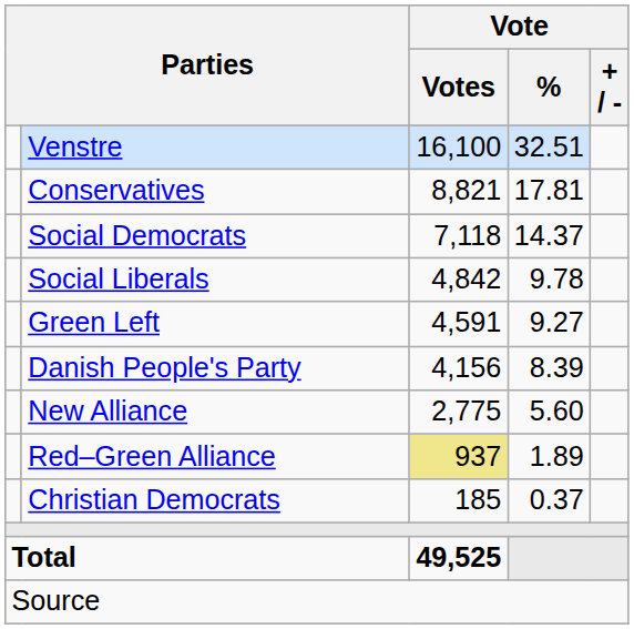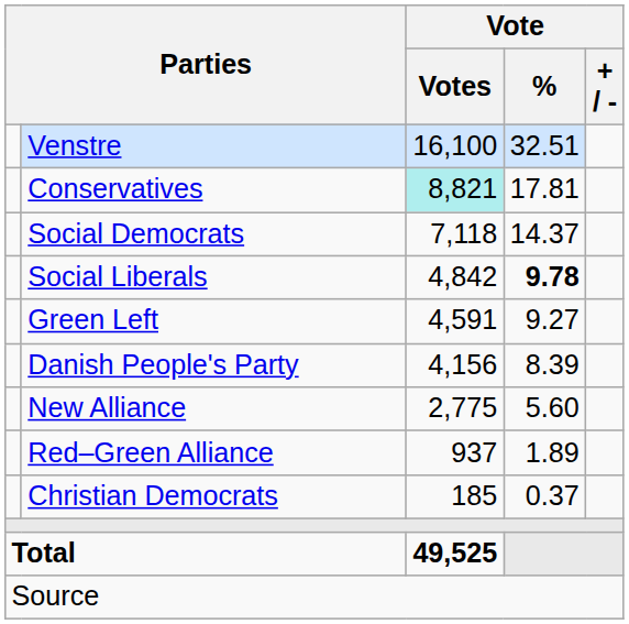 <table class="wikitable" style="text-align:right;">
 <tr>
 <th style="text-align:centre;" rowspan="2" colspan="2" width="225">Parties</th>
 <th colspan="3">Vote</th>
 </tr>
 <tr>
 <th width="15">Votes</th>
 <th width="15">%</th>
 <th width="15">+ / -</th>
 </tr>
 <tr>
 <td width="2" style="color:inherit;background:"></td>
 <td bgcolor=#cfe5fe  align="left"><a href='#'>Venstre</a></td>
 <td bgcolor=#cfe5fe>16,100</td>
 <td bgcolor=#cfe5fe>32.51</td>
 <td></td>
 </tr>
 <tr>
 <td width="2" style="color:inherit;background:"></td>
 <td align="left"><a href='#'>Conservatives</a></td>
-<td>8,821</td>
+<td style="background: paleturquoise;">8,821</td>
 <td>17.81</td>
 <td></td>
 </tr>
 <tr>
 <td width="2" style="color:inherit;background:"></td>
 <td align="left"><a href='#'>Social Democrats</a></td>
 <td>7,118</td>
 <td>14.37</td>
 <td></td>
 </tr>
 <tr>
 <td width="2" style="color:inherit;background:"></td>
 <td align="left"><a href='#'>Social Liberals</a></td>
 <td>4,842</td>
-<td>9.78</td>
+<td><strong>9.78</strong></td>
 <td></td>
 </tr>
 <tr>
 <td width="2" style="color:inherit;background:"></td>
 <td align="left"><a href='#'>Green Left</a></td>
 <td>4,591</td>
 <td>9.27</td>
 <td></td>
 </tr>
 <tr>
 <td width="2" style="color:inherit;background:"></td>
 <td align="left"><a href='#'>Danish People's Party</a></td>
 <td>4,156</td>
 <td>8.39</td>
 <td></td>
 </tr>
 <tr>
 <td width="2" style="color:inherit;background:"></td>
 <td align="left"><a href='#'>New Alliance</a></td>
 <td>2,775</td>
 <td>5.60</td>
 <td></td>
 </tr>
 <tr>
 <td width="2" style="color:inherit;background:"></td>
 <td align="left"><a href='#'>Red–Green Alliance</a></td>
-<td style="background: khaki;">937</td>
+<td>937</td>
 <td>1.89</td>
 <td></td>
 </tr>
 <tr>
 <td width="2" style="color:inherit;background:"></td>
 <td align="left"><a href='#'>Christian Democrats</a></td>
 <td>185</td>
 <td>0.37</td>
 <td></td>
 </tr>
 <tr>
 <td colspan="7" bgcolor="#E9E9E9"></td>
 </tr>
 <tr>
 <td align="left" colspan="2"><strong>Total</strong></td>
 <td><strong>49,525</strong></td>
 <td bgcolor="#E9E9E9" colspan="2"></td>
 </tr>
 <tr>
 <td align="left" colspan="6">Source</td>
 </tr>
 </table>
